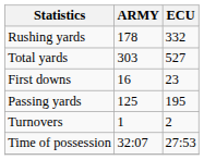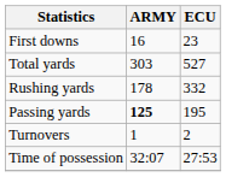 <table class="wikitable" style="float: left;">
 <tr>
 <th>Statistics</th>
 <th>ARMY</th>
 <th>ECU</th>
 </tr>
 <tr>
-<td>Rushing yards</td>
-<td>178</td>
-<td>332</td>
+<td>First downs</td>
+<td>16</td>
+<td>23</td>
 </tr>
 <tr>
 <td>Total yards</td>
 <td>303</td>
 <td>527</td>
 </tr>
 <tr>
-<td>First downs</td>
-<td>16</td>
-<td>23</td>
+<td>Rushing yards</td>
+<td>178</td>
+<td>332</td>
 </tr>
 <tr>
 <td>Passing yards</td>
-<td>125</td>
+<td><strong>125</strong></td>
 <td>195</td>
 </tr>
 <tr>
 <td>Turnovers</td>
 <td>1</td>
 <td>2</td>
 </tr>
 <tr>
 <td>Time of possession</td>
 <td>32:07</td>
 <td>27:53</td>
 </tr>
 <tr>
 </tr>
 </table>
